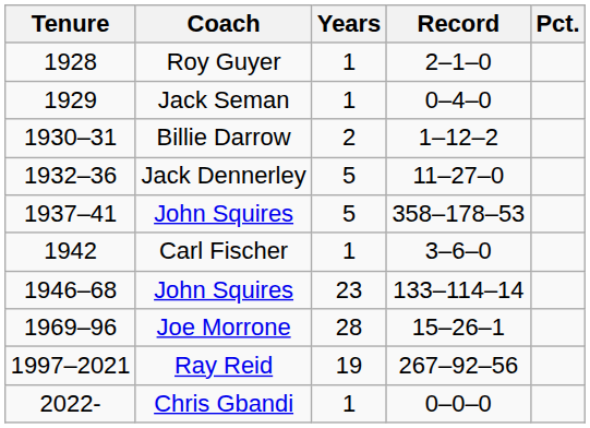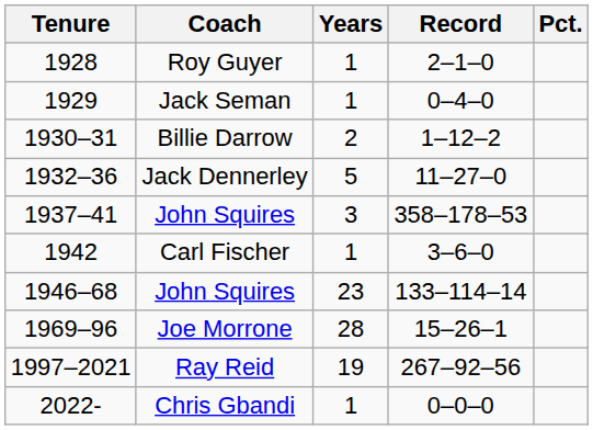 <table class="wikitable" style="text-align:center">
 <tr>
 <th>Tenure</th>
 <th>Coach</th>
 <th>Years</th>
 <th>Record</th>
 <th>Pct.</th>
 </tr>
 <tr>
 <td>1928</td>
 <td>Roy Guyer</td>
 <td>1</td>
 <td>2–1–0</td>
 <td></td>
 </tr>
 <tr>
 <td>1929</td>
 <td>Jack Seman</td>
 <td>1</td>
 <td>0–4–0</td>
 <td></td>
 </tr>
 <tr>
 <td>1930–31</td>
 <td>Billie Darrow</td>
 <td>2</td>
 <td>1–12–2</td>
 <td></td>
 </tr>
 <tr>
 <td>1932–36</td>
 <td>Jack Dennerley</td>
 <td>5</td>
 <td>11–27–0</td>
 <td></td>
 </tr>
 <tr>
 <td>1937–41</td>
 <td><a href='#'>John Squires</a></td>
-<td>5</td>
+<td>3</td>
 <td>358–178–53</td>
 <td></td>
 </tr>
 <tr>
 <td>1942</td>
 <td>Carl Fischer</td>
 <td>1</td>
 <td>3–6–0</td>
 <td></td>
 </tr>
 <tr>
 <td>1946–68</td>
 <td><a href='#'>John Squires</a></td>
 <td>23</td>
 <td>133–114–14</td>
 <td></td>
 </tr>
 <tr>
 <td>1969–96</td>
 <td><a href='#'>Joe Morrone</a></td>
 <td>28</td>
 <td>15–26–1</td>
 <td></td>
 </tr>
 <tr>
 <td>1997–2021</td>
 <td><a href='#'>Ray Reid</a></td>
 <td>19</td>
 <td>267–92–56</td>
 <td></td>
 </tr>
 <tr>
 <td>2022-</td>
 <td><a href='#'>Chris Gbandi</a></td>
 <td>1</td>
 <td>0–0–0</td>
 <td></td>
 </tr>
 </table>
